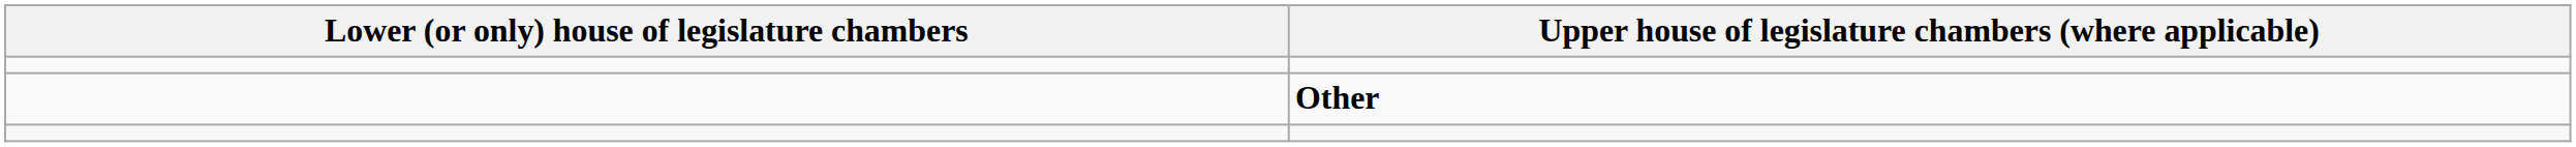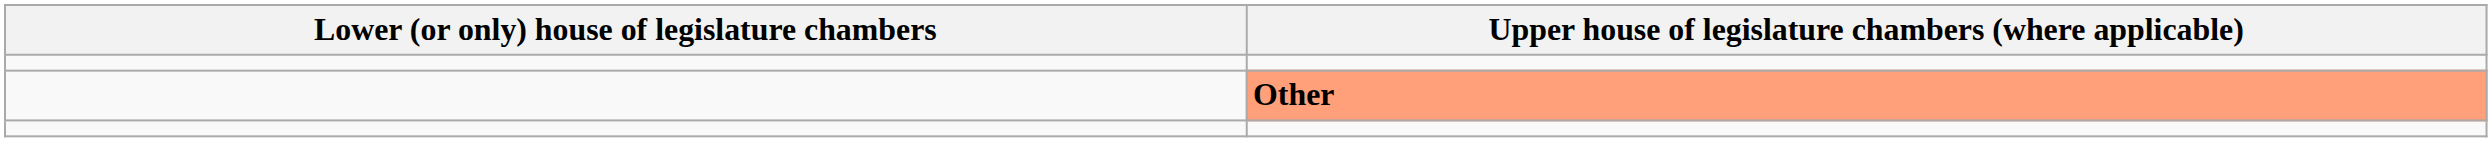 <table class="wikitable">
 <tr>
 <th>Lower (or only) house of legislature chambers</th>
 <th>Upper house of legislature chambers (where applicable)</th>
 </tr>
 <tr>
 <td></td>
 <td></td>
 </tr>
 <tr>
 <td width="25%"></td>
-<td width="25%"><strong>Other</strong></td>
+<td width="25%" style="background: lightsalmon;"><strong>Other</strong></td>
 </tr>
 <tr>
 <td>   </td>
 <td> </td>
 </tr>
 </table>
